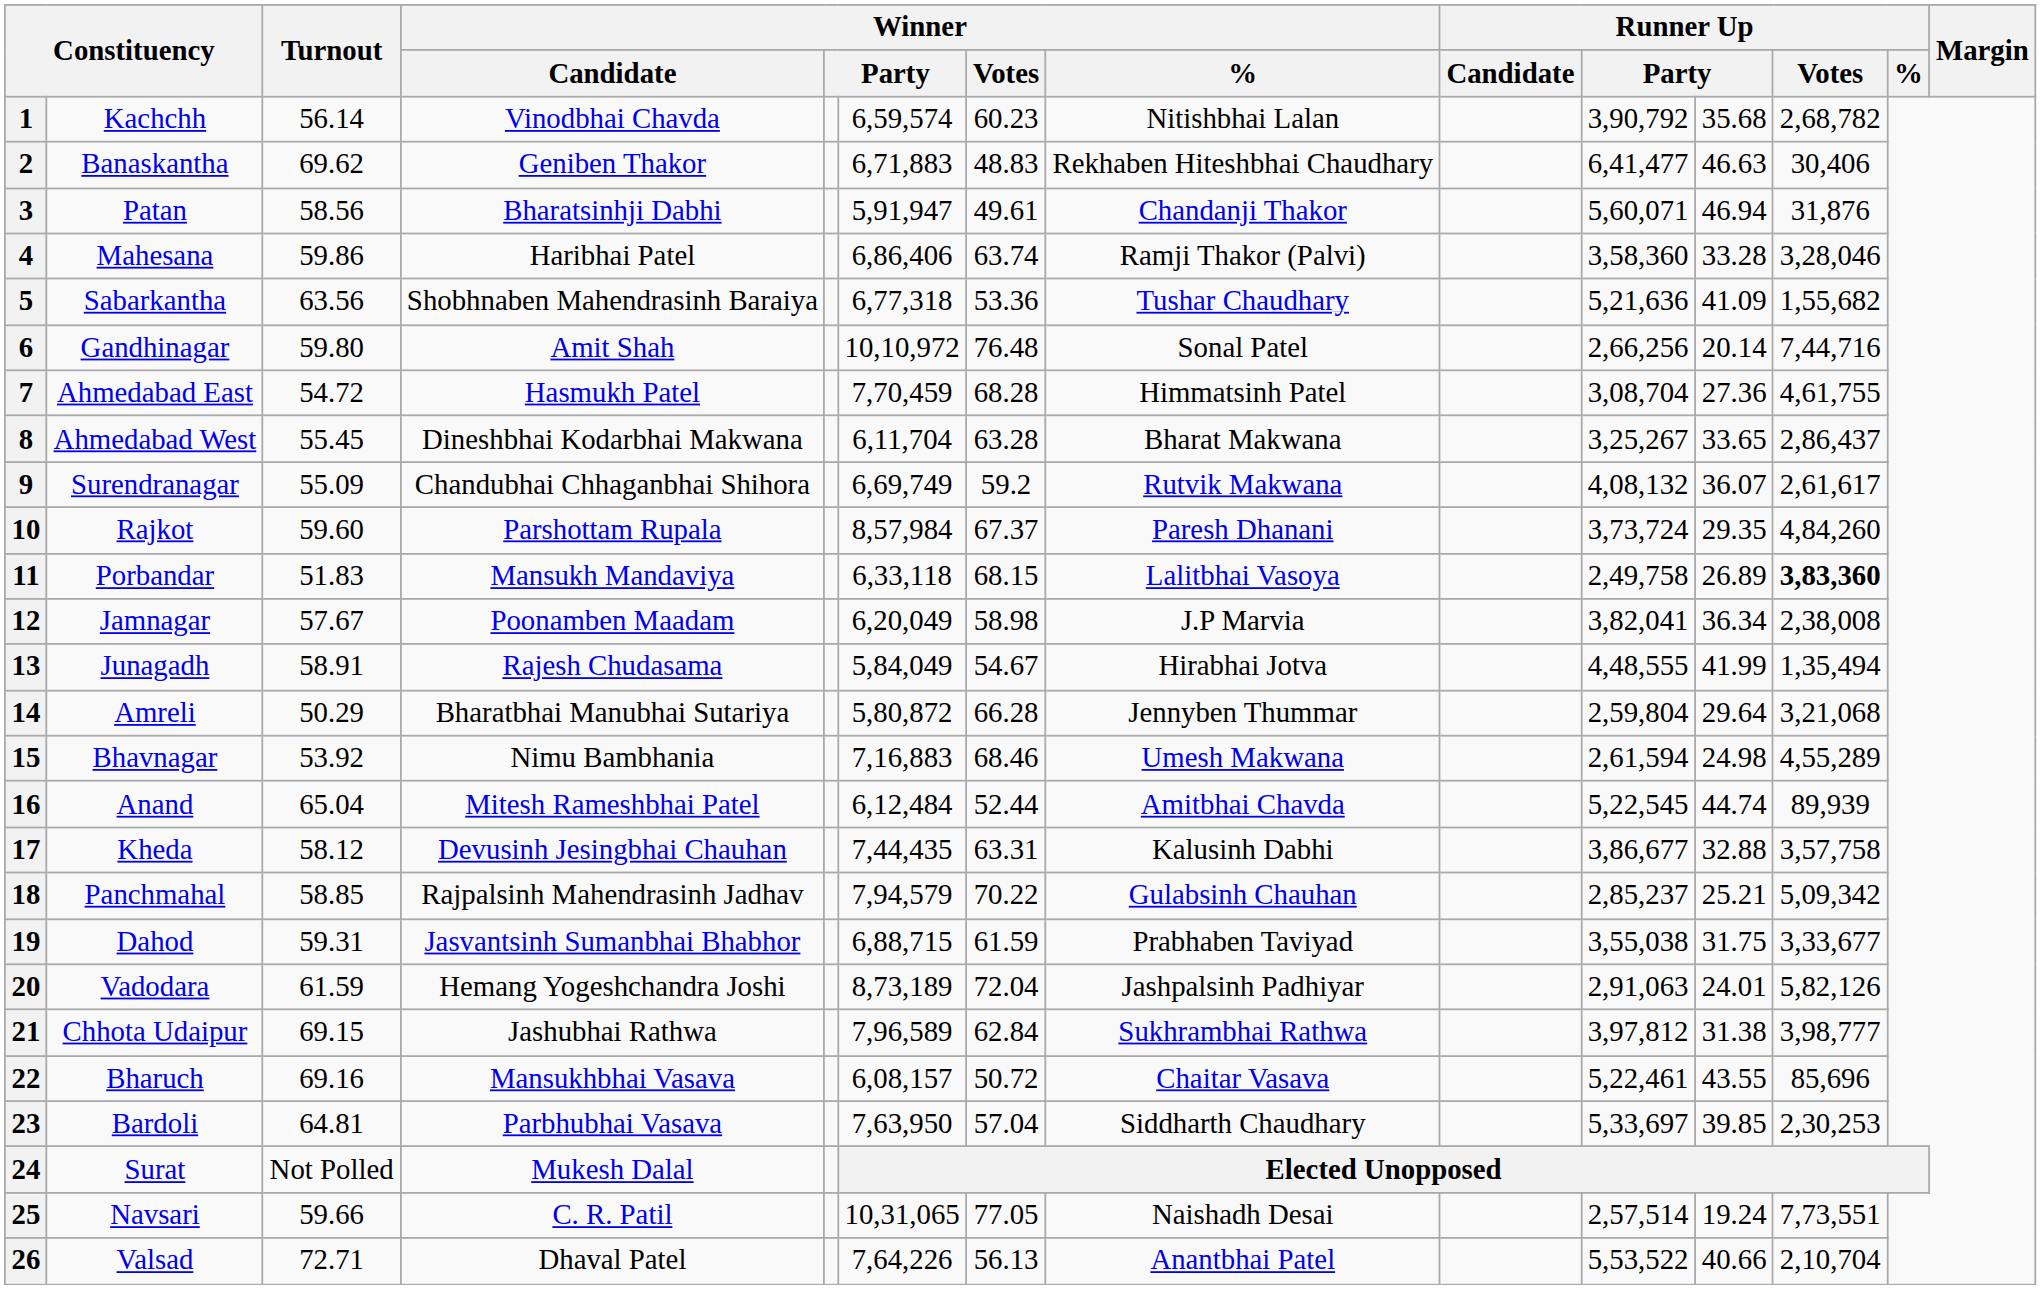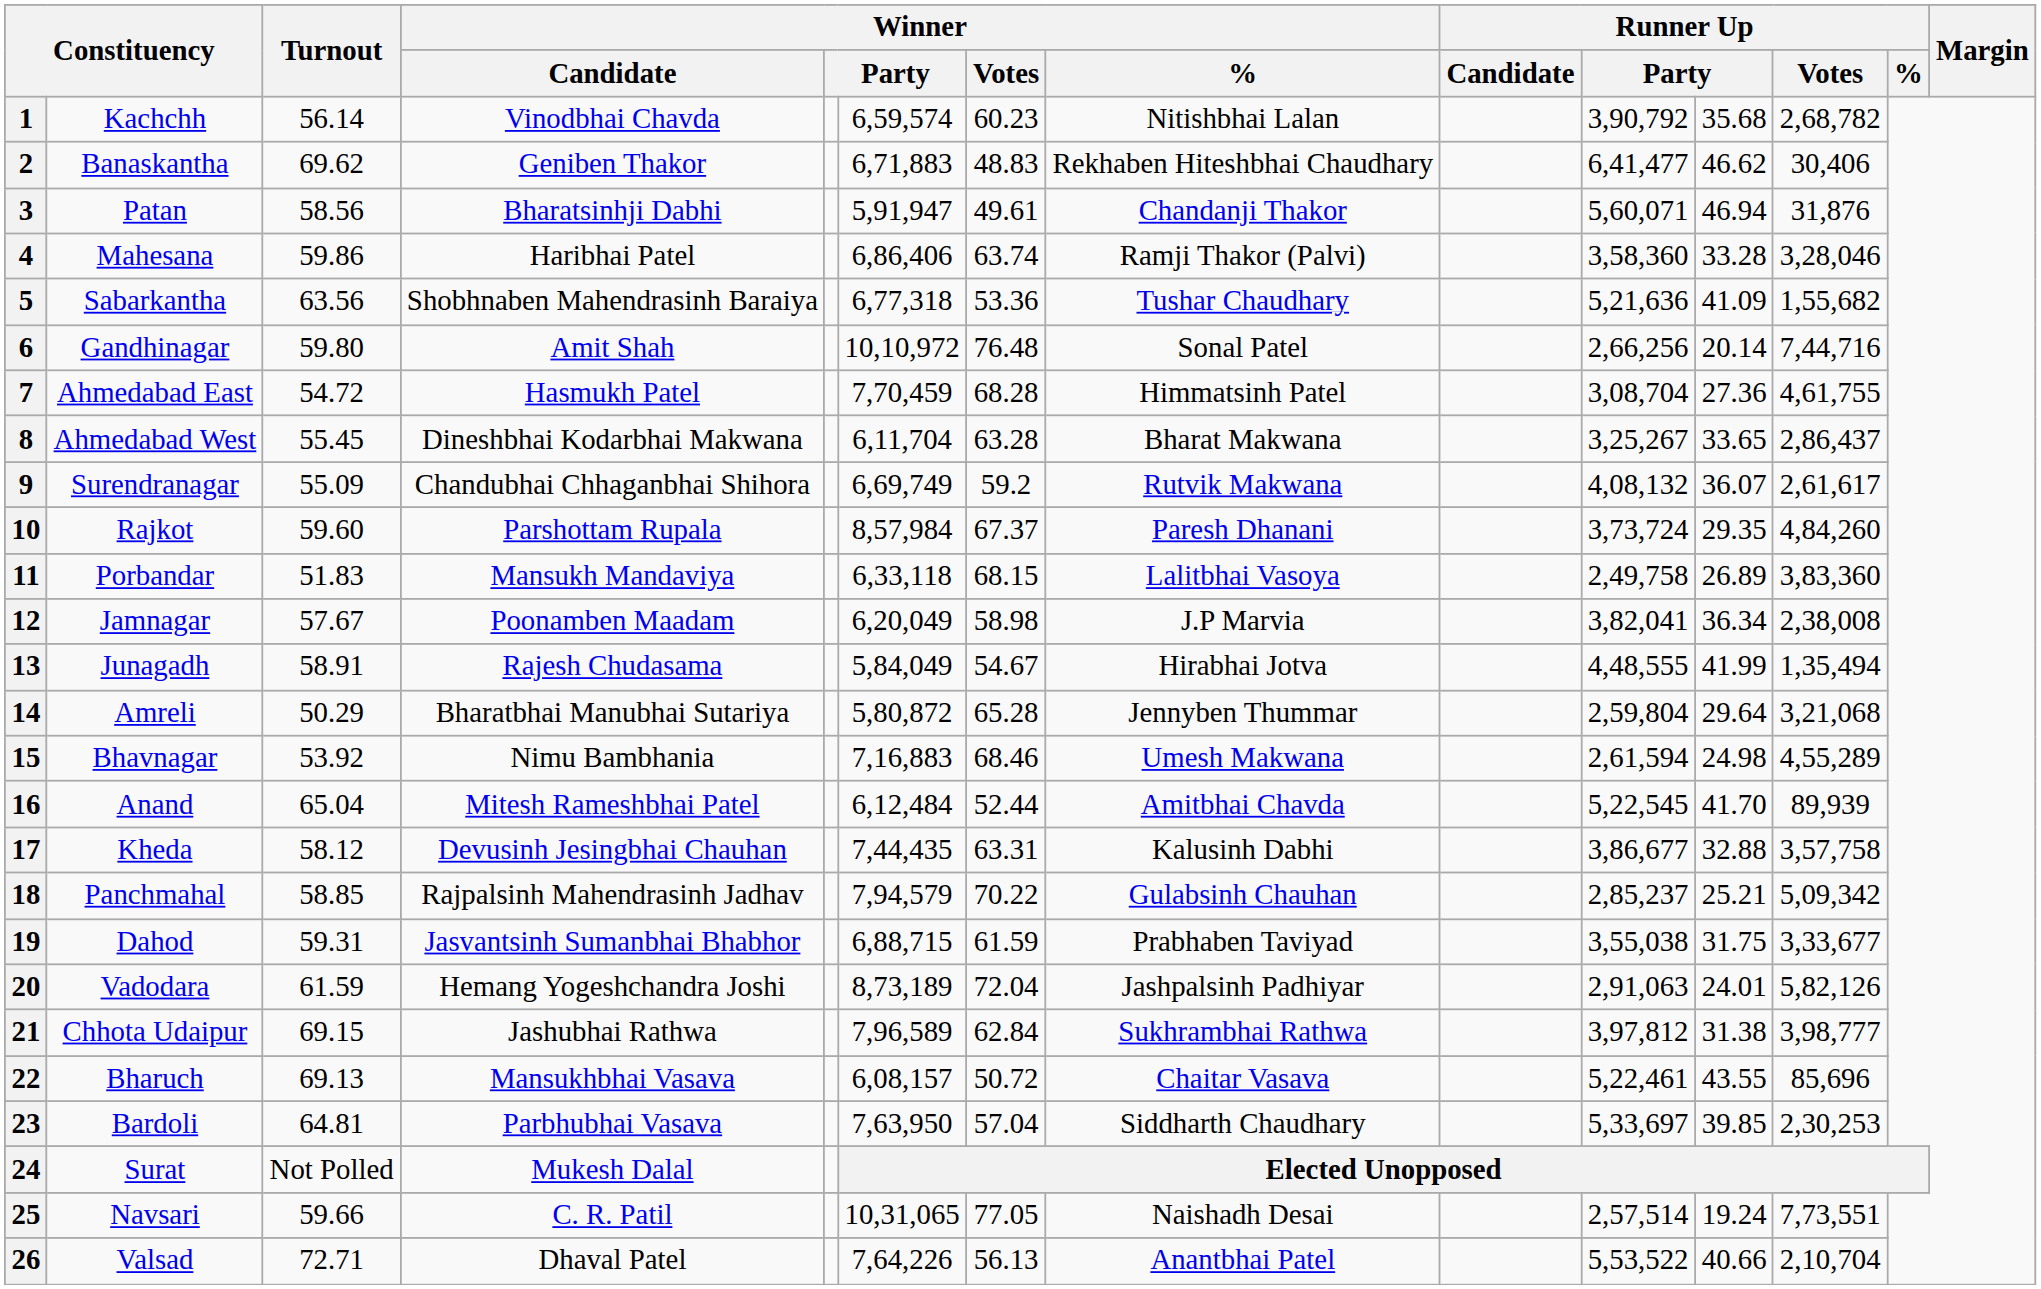 <table class="wikitable sortable" style="text-align:center;">
 <tr>
 <th colspan="2" rowspan="2">Constituency</th>
 <th rowspan="2">Turnout</th>
 <th colspan="5">Winner</th>
 <th colspan="5">Runner Up</th>
 <th rowspan="2">Margin</th>
 </tr>
 <tr>
 <th>Candidate</th>
 <th colspan="2">Party</th>
 <th>Votes</th>
 <th>%</th>
 <th>Candidate</th>
 <th colspan="2">Party</th>
 <th>Votes</th>
 <th>%</th>
 </tr>
 <tr>
 <th>1</th>
 <td><a href='#'>Kachchh</a></td>
 <td>56.14</td>
 <td><a href='#'>Vinodbhai Chavda</a></td>
 <td></td>
 <td>6,59,574</td>
 <td>60.23</td>
 <td>Nitishbhai Lalan</td>
 <td></td>
 <td>3,90,792</td>
 <td>35.68</td>
 <td style="background:">2,68,782</td>
 </tr>
 <tr>
 <th>2</th>
 <td><a href='#'>Banaskantha</a></td>
 <td>69.62</td>
 <td><a href='#'>Geniben Thakor</a></td>
 <td></td>
 <td>6,71,883</td>
 <td>48.83</td>
 <td>Rekhaben Hiteshbhai Chaudhary</td>
 <td></td>
 <td>6,41,477</td>
-<td>46.63</td>
+<td>46.62</td>
 <td style="background:">30,406</td>
 </tr>
 <tr>
 <th>3</th>
 <td><a href='#'>Patan</a></td>
 <td>58.56</td>
 <td><a href='#'>Bharatsinhji Dabhi</a></td>
 <td></td>
 <td>5,91,947</td>
 <td>49.61</td>
 <td><a href='#'>Chandanji Thakor</a></td>
 <td></td>
 <td>5,60,071</td>
 <td>46.94</td>
 <td style="background:">31,876</td>
 </tr>
 <tr>
 <th>4</th>
 <td><a href='#'>Mahesana</a></td>
 <td>59.86</td>
 <td>Haribhai Patel</td>
 <td></td>
 <td>6,86,406</td>
 <td>63.74</td>
 <td>Ramji Thakor (Palvi)</td>
 <td></td>
 <td>3,58,360</td>
 <td>33.28</td>
 <td style="background:">3,28,046</td>
 </tr>
 <tr>
 <th>5</th>
 <td><a href='#'>Sabarkantha</a></td>
 <td>63.56</td>
 <td>Shobhnaben Mahendrasinh Baraiya</td>
 <td></td>
 <td>6,77,318</td>
 <td>53.36</td>
 <td><a href='#'>Tushar Chaudhary</a></td>
 <td></td>
 <td>5,21,636</td>
 <td>41.09</td>
 <td style="background:">1,55,682</td>
 </tr>
 <tr>
 <th>6</th>
 <td><a href='#'>Gandhinagar</a></td>
 <td>59.80</td>
 <td><a href='#'>Amit Shah</a></td>
 <td></td>
 <td>10,10,972</td>
 <td>76.48</td>
 <td>Sonal Patel</td>
 <td></td>
 <td>2,66,256</td>
 <td>20.14</td>
 <td style="background:">7,44,716</td>
 </tr>
 <tr>
 <th>7</th>
 <td><a href='#'>Ahmedabad East</a></td>
 <td>54.72</td>
 <td><a href='#'>Hasmukh Patel</a></td>
 <td></td>
 <td>7,70,459</td>
 <td>68.28</td>
 <td>Himmatsinh Patel</td>
 <td></td>
 <td>3,08,704</td>
 <td>27.36</td>
 <td style="background:">4,61,755</td>
 </tr>
 <tr>
 <th>8</th>
 <td><a href='#'>Ahmedabad West</a></td>
 <td>55.45</td>
 <td>Dineshbhai Kodarbhai Makwana</td>
 <td></td>
 <td>6,11,704</td>
 <td>63.28</td>
 <td>Bharat Makwana</td>
 <td></td>
 <td>3,25,267</td>
 <td>33.65</td>
 <td style="background:">2,86,437</td>
 </tr>
 <tr>
 <th>9</th>
 <td><a href='#'>Surendranagar</a></td>
 <td>55.09</td>
 <td>Chandubhai Chhaganbhai Shihora</td>
 <td></td>
 <td>6,69,749</td>
 <td>59.2</td>
 <td><a href='#'>Rutvik Makwana</a></td>
 <td></td>
 <td>4,08,132</td>
 <td>36.07</td>
 <td style="background:">2,61,617</td>
 </tr>
 <tr>
 <th>10</th>
 <td><a href='#'>Rajkot</a></td>
 <td>59.60</td>
 <td><a href='#'>Parshottam Rupala</a></td>
 <td></td>
 <td>8,57,984</td>
 <td>67.37</td>
 <td><a href='#'>Paresh Dhanani</a></td>
 <td></td>
 <td>3,73,724</td>
 <td>29.35</td>
 <td style="background:">4,84,260</td>
 </tr>
 <tr>
 <th>11</th>
 <td><a href='#'>Porbandar</a></td>
 <td>51.83</td>
 <td><a href='#'>Mansukh Mandaviya</a></td>
 <td></td>
 <td>6,33,118</td>
 <td>68.15</td>
 <td><a href='#'>Lalitbhai Vasoya</a></td>
 <td></td>
 <td>2,49,758</td>
 <td>26.89</td>
-<td style="background:"><strong>3,83,360</strong></td>
+<td style="background:">3,83,360</td>
 </tr>
 <tr>
 <th>12</th>
 <td><a href='#'>Jamnagar</a></td>
 <td>57.67</td>
 <td><a href='#'>Poonamben Maadam</a></td>
 <td></td>
 <td>6,20,049</td>
 <td>58.98</td>
 <td>J.P Marvia</td>
 <td></td>
 <td>3,82,041</td>
 <td>36.34</td>
 <td style="background:">2,38,008</td>
 </tr>
 <tr>
 <th>13</th>
 <td><a href='#'>Junagadh</a></td>
 <td>58.91</td>
 <td><a href='#'>Rajesh Chudasama</a></td>
 <td></td>
 <td>5,84,049</td>
 <td>54.67</td>
 <td>Hirabhai Jotva</td>
 <td></td>
 <td>4,48,555</td>
 <td>41.99</td>
 <td style="background:">1,35,494</td>
 </tr>
 <tr>
 <th>14</th>
 <td><a href='#'>Amreli</a></td>
 <td>50.29</td>
 <td>Bharatbhai Manubhai Sutariya</td>
 <td></td>
 <td>5,80,872</td>
-<td>66.28</td>
+<td>65.28</td>
 <td>Jennyben Thummar</td>
 <td></td>
 <td>2,59,804</td>
 <td>29.64</td>
 <td style="background:">3,21,068</td>
 </tr>
 <tr>
 <th>15</th>
 <td><a href='#'>Bhavnagar</a></td>
 <td>53.92</td>
 <td>Nimu Bambhania</td>
 <td></td>
 <td>7,16,883</td>
 <td>68.46</td>
 <td><a href='#'>Umesh Makwana</a></td>
 <td></td>
 <td>2,61,594</td>
 <td>24.98</td>
 <td style="background:">4,55,289</td>
 </tr>
 <tr>
 <th>16</th>
 <td><a href='#'>Anand</a></td>
 <td>65.04</td>
 <td><a href='#'>Mitesh Rameshbhai Patel</a></td>
 <td></td>
 <td>6,12,484</td>
 <td>52.44</td>
 <td><a href='#'>Amitbhai Chavda</a></td>
 <td></td>
 <td>5,22,545</td>
-<td>44.74</td>
+<td>41.70</td>
 <td style="background:">89,939</td>
 </tr>
 <tr>
 <th>17</th>
 <td><a href='#'>Kheda</a></td>
 <td>58.12</td>
 <td><a href='#'>Devusinh Jesingbhai Chauhan</a></td>
 <td></td>
 <td>7,44,435</td>
 <td>63.31</td>
 <td>Kalusinh Dabhi</td>
 <td></td>
 <td>3,86,677</td>
 <td>32.88</td>
 <td style="background:">3,57,758</td>
 </tr>
 <tr>
 <th>18</th>
 <td><a href='#'>Panchmahal</a></td>
 <td>58.85</td>
 <td>Rajpalsinh Mahendrasinh Jadhav</td>
 <td></td>
 <td>7,94,579</td>
 <td>70.22</td>
 <td><a href='#'>Gulabsinh Chauhan</a></td>
 <td></td>
 <td>2,85,237</td>
 <td>25.21</td>
 <td style="background:">5,09,342</td>
 </tr>
 <tr>
 <th>19</th>
 <td><a href='#'>Dahod</a></td>
 <td>59.31</td>
 <td><a href='#'>Jasvantsinh Sumanbhai Bhabhor</a></td>
 <td></td>
 <td>6,88,715</td>
 <td>61.59</td>
 <td>Prabhaben Taviyad</td>
 <td></td>
 <td>3,55,038</td>
 <td>31.75</td>
 <td style="background:">3,33,677</td>
 </tr>
 <tr>
 <th>20</th>
 <td><a href='#'>Vadodara</a></td>
 <td>61.59</td>
 <td>Hemang Yogeshchandra Joshi</td>
 <td></td>
 <td>8,73,189</td>
 <td>72.04</td>
 <td>Jashpalsinh Padhiyar</td>
 <td></td>
 <td>2,91,063</td>
 <td>24.01</td>
 <td style="background:">5,82,126</td>
 </tr>
 <tr>
 <th>21</th>
 <td><a href='#'>Chhota Udaipur</a></td>
 <td>69.15</td>
 <td>Jashubhai Rathwa</td>
 <td></td>
 <td>7,96,589</td>
 <td>62.84</td>
 <td><a href='#'>Sukhrambhai Rathwa</a></td>
 <td></td>
 <td>3,97,812</td>
 <td>31.38</td>
 <td style="background:">3,98,777</td>
 </tr>
 <tr>
 <th>22</th>
 <td><a href='#'>Bharuch</a></td>
-<td>69.16</td>
+<td>69.13</td>
 <td><a href='#'>Mansukhbhai Vasava</a></td>
 <td></td>
 <td>6,08,157</td>
 <td>50.72</td>
 <td><a href='#'>Chaitar Vasava</a></td>
 <td></td>
 <td>5,22,461</td>
 <td>43.55</td>
 <td style="background:">85,696</td>
 </tr>
 <tr>
 <th>23</th>
 <td><a href='#'>Bardoli</a></td>
 <td>64.81</td>
 <td><a href='#'>Parbhubhai Vasava</a></td>
 <td></td>
 <td>7,63,950</td>
 <td>57.04</td>
 <td>Siddharth Chaudhary</td>
 <td></td>
 <td>5,33,697</td>
 <td>39.85</td>
 <td style="background:">2,30,253</td>
 </tr>
 <tr>
 <th>24</th>
 <td><a href='#'>Surat</a></td>
 <td>Not Polled</td>
 <td><a href='#'>Mukesh Dalal</a></td>
 <td></td>
 <th colspan="8">Elected Unopposed</th>
 </tr>
 <tr>
 <th>25</th>
 <td><a href='#'>Navsari</a></td>
 <td>59.66</td>
 <td><a href='#'>C. R. Patil</a></td>
 <td></td>
 <td>10,31,065</td>
 <td>77.05</td>
 <td>Naishadh Desai</td>
 <td></td>
 <td>2,57,514</td>
 <td>19.24</td>
 <td style="background:">7,73,551</td>
 </tr>
 <tr>
 <th>26</th>
 <td><a href='#'>Valsad</a></td>
 <td>72.71</td>
 <td>Dhaval Patel</td>
 <td></td>
 <td>7,64,226</td>
 <td>56.13</td>
 <td><a href='#'>Anantbhai Patel</a></td>
 <td></td>
 <td>5,53,522</td>
 <td>40.66</td>
 <td style="background:">2,10,704</td>
 </tr>
 </table>
